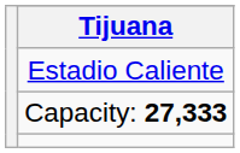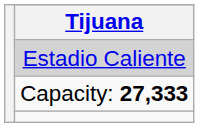 <table class="wikitable" style="text-align:center">
 <tr>
 <th rowspan="8"></th>
 </tr>
 <tr>
 <th><a href='#'>Tijuana</a></th>
 </tr>
 <tr>
-<td><a href='#'>Estadio Caliente</a></td>
+<td style="background: lightgrey;"><a href='#'>Estadio Caliente</a></td>
 </tr>
 <tr>
 <td>Capacity: <strong>27,333</strong></td>
 </tr>
 <tr>
 <td></td>
 </tr>
 </table>
